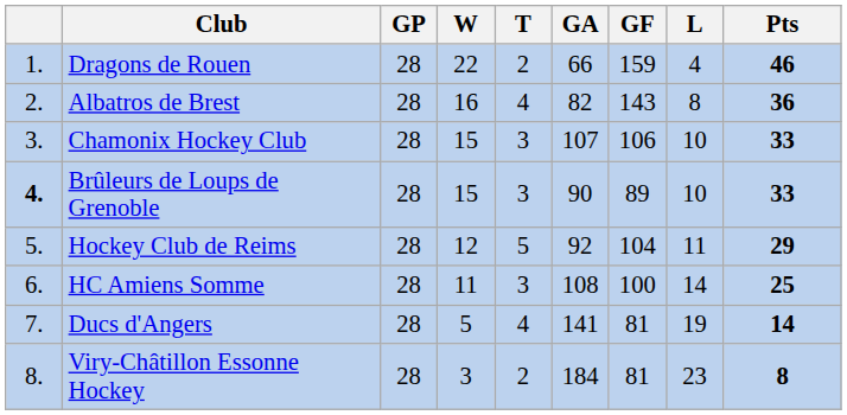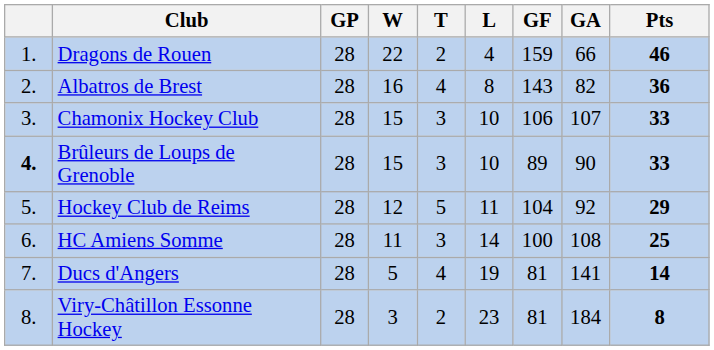 <table class="wikitable">
 <tr>
 <th width="30"></th>
 <th width="200">Club</th>
 <th width="30">GP</th>
 <th width="30">W</th>
 <th width="30">T</th>
+<th width="30">L</th>
+<th width="30">GF</th>
 <th width="30">GA</th>
-<th width="30">GF</th>
-<th width="30">L</th>
 <th width="70">Pts</th>
 </tr>
 <tr bgcolor="#BCD2EE" align="center">
 <td>1.</td>
 <td align="left"><a href='#'>Dragons de Rouen</a></td>
 <td>28</td>
 <td>22</td>
 <td>2</td>
+<td>4</td>
+<td>159</td>
 <td>66</td>
-<td>159</td>
-<td>4</td>
 <td><strong>46</strong></td>
 </tr>
 <tr bgcolor="#BCD2EE" align="center">
 <td>2.</td>
 <td align="left"><a href='#'>Albatros de Brest</a></td>
 <td>28</td>
 <td>16</td>
 <td>4</td>
+<td>8</td>
+<td>143</td>
 <td>82</td>
-<td>143</td>
-<td>8</td>
 <td><strong>36</strong></td>
 </tr>
 <tr bgcolor="#BCD2EE" align="center">
 <td>3.</td>
 <td align="left"><a href='#'>Chamonix Hockey Club</a></td>
 <td>28</td>
 <td>15</td>
 <td>3</td>
+<td>10</td>
+<td>106</td>
 <td>107</td>
-<td>106</td>
-<td>10</td>
 <td><strong>33</strong></td>
 </tr>
 <tr bgcolor="#BCD2EE" align="center">
 <td><strong>4.</strong></td>
 <td align="left"><a href='#'>Brûleurs de Loups de Grenoble</a></td>
 <td>28</td>
 <td>15</td>
 <td>3</td>
+<td>10</td>
+<td>89</td>
 <td>90</td>
-<td>89</td>
-<td>10</td>
 <td><strong>33</strong></td>
 </tr>
 <tr bgcolor="#BCD2EE" align="center">
 <td>5.</td>
 <td align="left"><a href='#'>Hockey Club de Reims</a></td>
 <td>28</td>
 <td>12</td>
 <td>5</td>
+<td>11</td>
+<td>104</td>
 <td>92</td>
-<td>104</td>
-<td>11</td>
 <td><strong>29</strong></td>
 </tr>
 <tr bgcolor="#BCD2EE" align="center">
 <td>6.</td>
 <td align="left"><a href='#'>HC Amiens Somme</a></td>
 <td>28</td>
 <td>11</td>
 <td>3</td>
+<td>14</td>
+<td>100</td>
 <td>108</td>
-<td>100</td>
-<td>14</td>
 <td><strong>25</strong></td>
 </tr>
 <tr bgcolor="#BCD2EE" align="center">
 <td>7.</td>
 <td align="left"><a href='#'>Ducs d'Angers</a></td>
 <td>28</td>
 <td>5</td>
 <td>4</td>
+<td>19</td>
+<td>81</td>
 <td>141</td>
-<td>81</td>
-<td>19</td>
 <td><strong>14</strong></td>
 </tr>
 <tr bgcolor="#BCD2EE" align="center">
 <td>8.</td>
 <td align="left"><a href='#'>Viry-Châtillon Essonne Hockey&lrm;</a></td>
 <td>28</td>
 <td>3</td>
 <td>2</td>
+<td>23</td>
+<td>81</td>
 <td>184</td>
-<td>81</td>
-<td>23</td>
 <td><strong>8</strong></td>
 </tr>
 </table>
